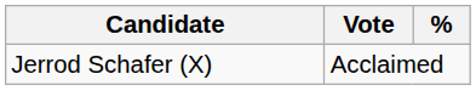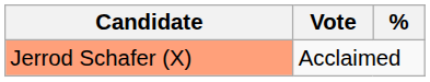 <table class="wikitable">
 <tr>
 <th bgcolor="#DDDDFF" width="200px">Candidate</th>
 <th bgcolor="#DDDDFF" width="50px">Vote</th>
 <th bgcolor="#DDDDFF" width="30px">%</th>
 </tr>
 <tr>
-<td>Jerrod Schafer (X)</td>
+<td style="background: lightsalmon;">Jerrod Schafer (X)</td>
 <td colspan="2">Acclaimed</td>
 </tr>
 </table>
